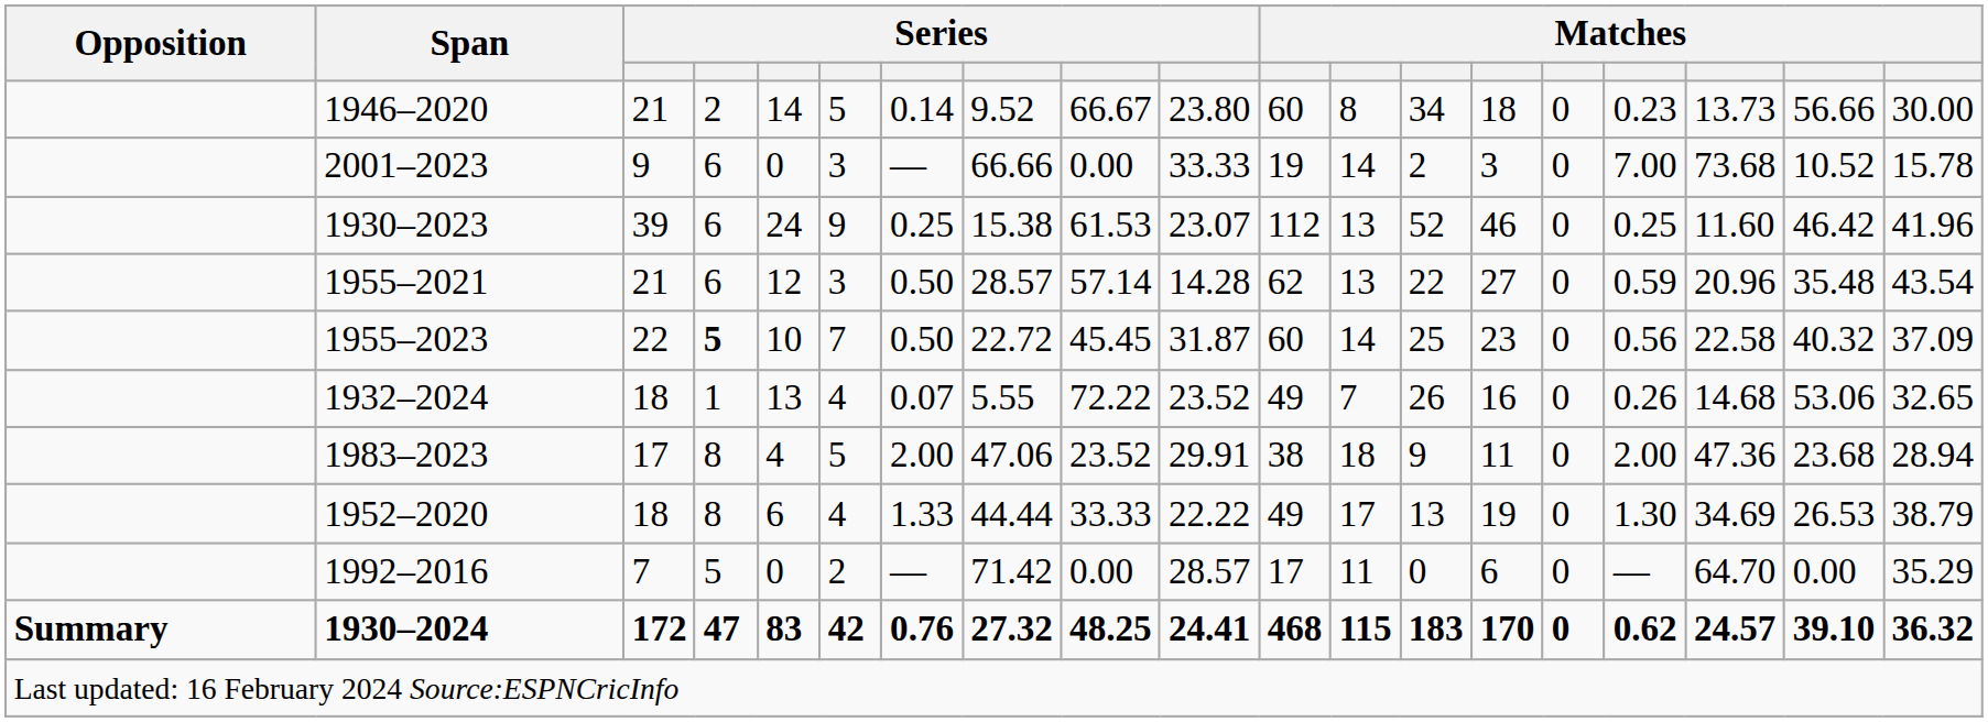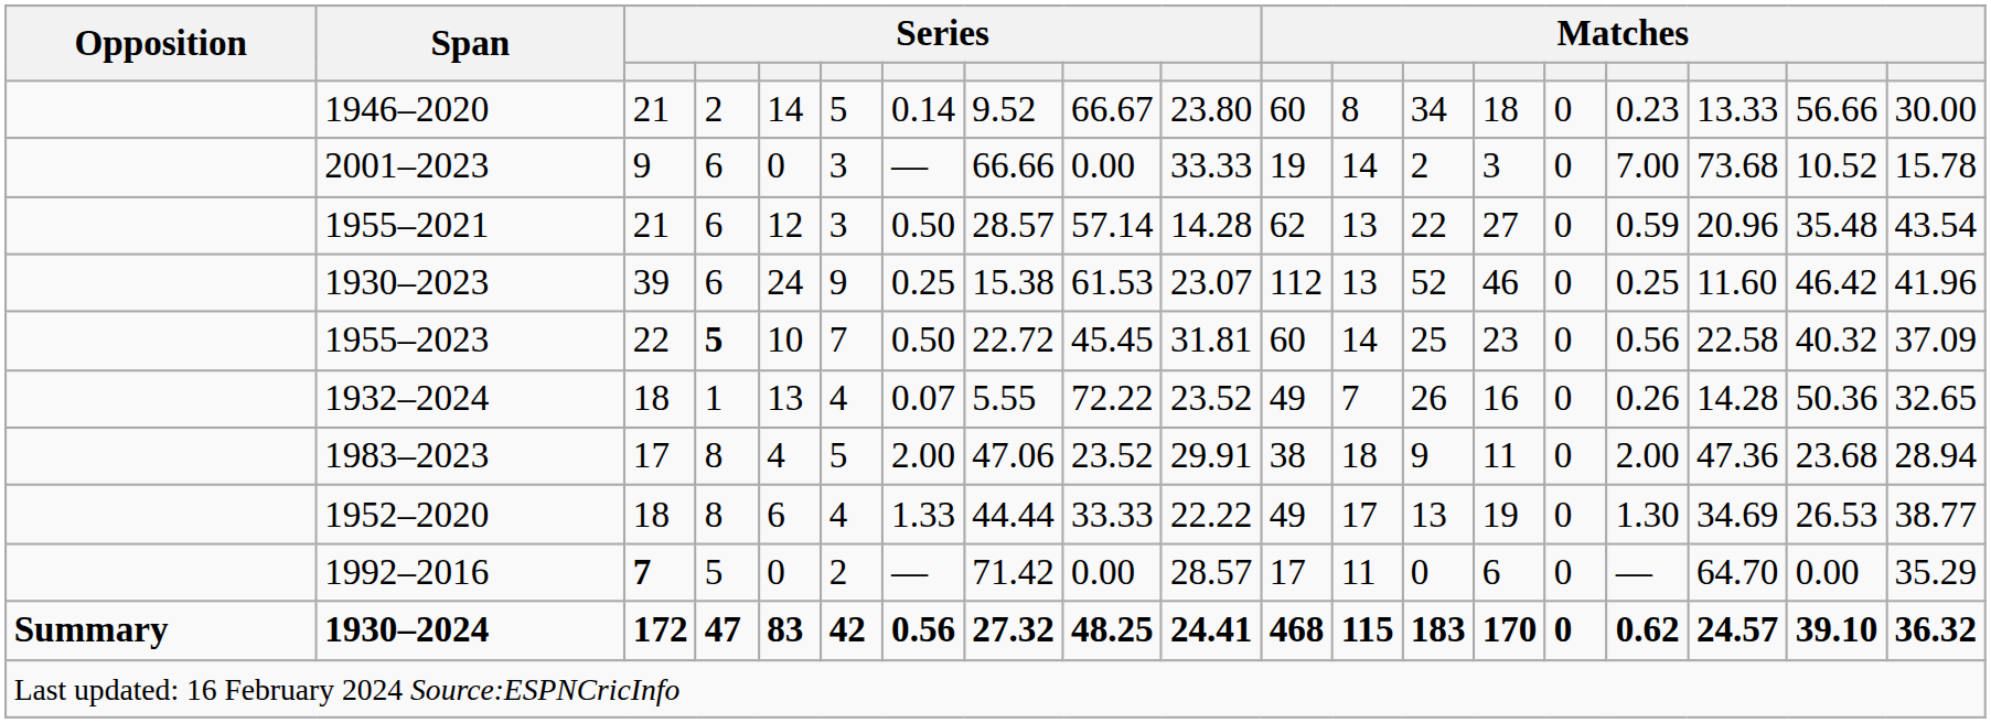 <table class="wikitable plainrowheaders sortable" style=align:center;>
 <tr>
 <th width="130" rowspan="2">Opposition</th>
 <th width="130" rowspan="2">Span</th>
 <th colspan="8">Series</th>
 <th colspan="9">Matches</th>
 </tr>
 <tr>
 <th width="20"></th>
 <th width="20"></th>
 <th width="20"></th>
 <th width="20"></th>
 <th width="20"></th>
 <th width="20"></th>
 <th width="20"></th>
 <th width="20"></th>
 <th width="20"></th>
 <th width="20"></th>
 <th width="20"></th>
 <th width="20"></th>
 <th width="20"></th>
 <th width="20"></th>
 <th width="20"></th>
 <th width="20"></th>
 <th width="20"></th>
 </tr>
 <tr>
 <td></td>
 <td>1946–2020</td>
 <td>21</td>
 <td>2</td>
 <td>14</td>
 <td>5</td>
 <td>0.14</td>
 <td>9.52</td>
 <td>66.67</td>
 <td>23.80</td>
 <td>60</td>
 <td>8</td>
 <td>34</td>
 <td>18</td>
 <td>0</td>
 <td>0.23</td>
-<td>13.73</td>
+<td>13.33</td>
 <td>56.66</td>
 <td>30.00</td>
 </tr>
 <tr>
 <td></td>
 <td>2001–2023</td>
 <td>9</td>
 <td>6</td>
 <td>0</td>
 <td>3</td>
 <td>—</td>
 <td>66.66</td>
 <td>0.00</td>
 <td>33.33</td>
 <td>19</td>
 <td>14</td>
 <td>2</td>
 <td>3</td>
 <td>0</td>
 <td>7.00</td>
 <td>73.68</td>
 <td>10.52</td>
 <td>15.78</td>
 </tr>
 <tr>
 <td></td>
+<td>1955–2021</td>
+<td>21</td>
+<td>6</td>
+<td>12</td>
+<td>3</td>
+<td>0.50</td>
+<td>28.57</td>
+<td>57.14</td>
+<td>14.28</td>
+<td>62</td>
+<td>13</td>
+<td>22</td>
+<td>27</td>
+<td>0</td>
+<td>0.59</td>
+<td>20.96</td>
+<td>35.48</td>
+<td>43.54</td>
+</tr>
+<tr>
+<td></td>
 <td>1930–2023</td>
 <td>39</td>
 <td>6</td>
 <td>24</td>
 <td>9</td>
 <td>0.25</td>
 <td>15.38</td>
 <td>61.53</td>
 <td>23.07</td>
 <td>112</td>
 <td>13</td>
 <td>52</td>
 <td>46</td>
 <td>0</td>
 <td>0.25</td>
 <td>11.60</td>
 <td>46.42</td>
 <td>41.96</td>
 </tr>
 <tr>
 <td></td>
-<td>1955–2021</td>
-<td>21</td>
-<td>6</td>
-<td>12</td>
-<td>3</td>
-<td>0.50</td>
-<td>28.57</td>
-<td>57.14</td>
-<td>14.28</td>
-<td>62</td>
-<td>13</td>
-<td>22</td>
-<td>27</td>
-<td>0</td>
-<td>0.59</td>
-<td>20.96</td>
-<td>35.48</td>
-<td>43.54</td>
-</tr>
-<tr>
-<td></td>
 <td>1955–2023</td>
 <td>22</td>
 <td><strong>5</strong></td>
 <td>10</td>
 <td>7</td>
 <td>0.50</td>
 <td>22.72</td>
 <td>45.45</td>
-<td>31.87</td>
+<td>31.81</td>
 <td>60</td>
 <td>14</td>
 <td>25</td>
 <td>23</td>
 <td>0</td>
 <td>0.56</td>
 <td>22.58</td>
 <td>40.32</td>
 <td>37.09</td>
 </tr>
 <tr>
 <td></td>
 <td>1932–2024</td>
 <td>18</td>
 <td>1</td>
 <td>13</td>
 <td>4</td>
 <td>0.07</td>
 <td>5.55</td>
 <td>72.22</td>
 <td>23.52</td>
 <td>49</td>
 <td>7</td>
 <td>26</td>
 <td>16</td>
 <td>0</td>
 <td>0.26</td>
-<td>14.68</td>
-<td>53.06</td>
+<td>14.28</td>
+<td>50.36</td>
 <td>32.65</td>
 </tr>
 <tr>
 <td></td>
 <td>1983–2023</td>
 <td>17</td>
 <td>8</td>
 <td>4</td>
 <td>5</td>
 <td>2.00</td>
 <td>47.06</td>
 <td>23.52</td>
 <td>29.91</td>
 <td>38</td>
 <td>18</td>
 <td>9</td>
 <td>11</td>
 <td>0</td>
 <td>2.00</td>
 <td>47.36</td>
 <td>23.68</td>
 <td>28.94</td>
 </tr>
 <tr>
 <td></td>
 <td>1952–2020</td>
 <td>18</td>
 <td>8</td>
 <td>6</td>
 <td>4</td>
 <td>1.33</td>
 <td>44.44</td>
 <td>33.33</td>
 <td>22.22</td>
 <td>49</td>
 <td>17</td>
 <td>13</td>
 <td>19</td>
 <td>0</td>
 <td>1.30</td>
 <td>34.69</td>
 <td>26.53</td>
-<td>38.79</td>
+<td>38.77</td>
 </tr>
 <tr>
 <td></td>
 <td>1992–2016</td>
-<td>7</td>
+<td><strong>7</strong></td>
 <td>5</td>
 <td>0</td>
 <td>2</td>
 <td>—</td>
 <td>71.42</td>
 <td>0.00</td>
 <td>28.57</td>
 <td>17</td>
 <td>11</td>
 <td>0</td>
 <td>6</td>
 <td>0</td>
 <td>—</td>
 <td>64.70</td>
 <td>0.00</td>
 <td>35.29</td>
 </tr>
 <tr>
 <td><strong>Summary</strong></td>
 <td><strong>1930–2024</strong></td>
 <td><strong>172</strong></td>
 <td><strong>47</strong></td>
 <td><strong>83</strong></td>
 <td><strong>42</strong></td>
-<td><strong>0.76</strong></td>
+<td><strong>0.56</strong></td>
 <td><strong>27.32</strong></td>
 <td><strong>48.25</strong></td>
 <td><strong>24.41</strong></td>
 <td><strong>468</strong></td>
 <td><strong>115</strong></td>
 <td><strong>183</strong></td>
 <td><strong>170</strong></td>
 <td><strong>0</strong></td>
 <td><strong>0.62</strong></td>
 <td><strong>24.57</strong></td>
 <td><strong>39.10</strong></td>
 <td><strong>36.32</strong></td>
 </tr>
 <tr>
 <td colspan=19><small>Last updated: 16 February 2024 <em>Source:ESPNCricInfo</em></small></td>
 </tr>
 </table>
